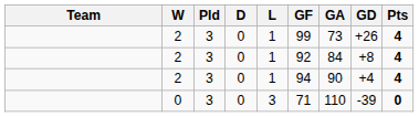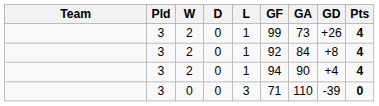 <table class="wikitable" style="text-align: center;">
 <tr>
 <th width="180">Team</th>
+<th width="30">Pld</th>
 <th width="30">W</th>
-<th width="30">Pld</th>
 <th width="30">D</th>
 <th width="30">L</th>
 <th width="30">GF</th>
 <th width="30">GA</th>
 <th width="30">GD</th>
 <th width="30">Pts</th>
 </tr>
 <tr>
 <td align="left"></td>
+<td>3</td>
 <td>2</td>
-<td>3</td>
 <td>0</td>
 <td>1</td>
 <td>99</td>
 <td>73</td>
 <td>+26</td>
 <td><strong>4</strong></td>
 </tr>
 <tr>
 <td align="left"></td>
+<td>3</td>
 <td>2</td>
-<td>3</td>
 <td>0</td>
 <td>1</td>
 <td>92</td>
 <td>84</td>
 <td>+8</td>
 <td><strong>4</strong></td>
 </tr>
 <tr>
 <td align="left"></td>
+<td>3</td>
 <td>2</td>
-<td>3</td>
 <td>0</td>
 <td>1</td>
 <td>94</td>
 <td>90</td>
 <td>+4</td>
 <td><strong>4</strong></td>
 </tr>
 <tr>
 <td align="left"></td>
+<td>3</td>
 <td>0</td>
-<td>3</td>
 <td>0</td>
 <td>3</td>
 <td>71</td>
 <td>110</td>
 <td>-39</td>
 <td><strong>0</strong></td>
 </tr>
 </table>
